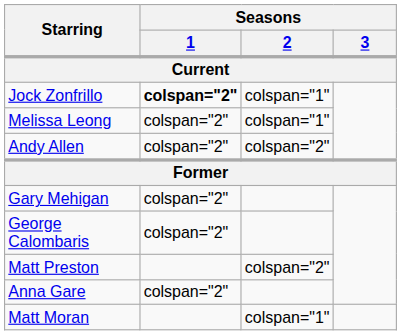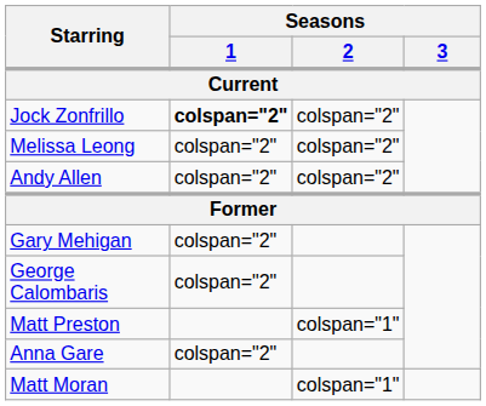 <table class="wikitable plainrowheaders" style="font-size:90%;">
 <tr>
 <th scope="col" style="width:8em;" rowspan="2">Starring</th>
 <th scope="col" colspan="3">Seasons</th>
 </tr>
 <tr>
 <th scope="col" style="width:3.5em;"><a href='#'>1</a></th>
 <th scope="col" style="width:3.5em;"><a href='#'>2</a></th>
 <th scope="col" style="width:3.5em;"><a href='#'>3</a></th>
 </tr>
 <tr style="border-top:3px solid #aaa;">
 <th colspan="4">Current</th>
 </tr>
 <tr>
 <td scope="row"><a href='#'>Jock Zonfrillo</a></td>
 <td><strong>colspan="2" </strong></td>
-<td>colspan="1" </td>
+<td>colspan="2" </td>
 </tr>
 <tr>
 <td scope="row"><a href='#'>Melissa Leong</a></td>
 <td>colspan="2" </td>
-<td>colspan="1" </td>
+<td>colspan="2" </td>
 </tr>
 <tr>
 <td scope="row"><a href='#'>Andy Allen</a></td>
 <td>colspan="2" </td>
 <td>colspan="2" </td>
 </tr>
 <tr style="border-top:3px solid #aaa;">
 <th colspan="4">Former</th>
 </tr>
 <tr>
 <td scope="row"><a href='#'>Gary Mehigan</a></td>
 <td>colspan="2" </td>
 <td></td>
 </tr>
 <tr>
 <td scope="row"><a href='#'>George Calombaris</a></td>
 <td>colspan="2" </td>
 <td></td>
 </tr>
 <tr>
 <td scope="row"><a href='#'>Matt Preston</a></td>
 <td></td>
-<td>colspan="2" </td>
+<td>colspan="1" </td>
 </tr>
 <tr>
 <td scope="row"><a href='#'>Anna Gare</a></td>
 <td>colspan="2" </td>
 <td></td>
 </tr>
 <tr>
 <td scope="row"><a href='#'>Matt Moran</a></td>
 <td></td>
 <td>colspan="1" </td>
 <td></td>
 </tr>
 </table>
